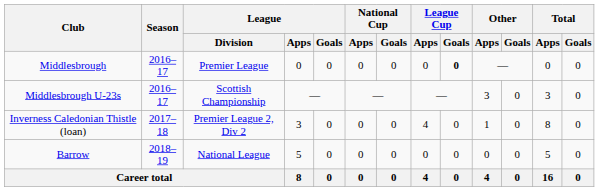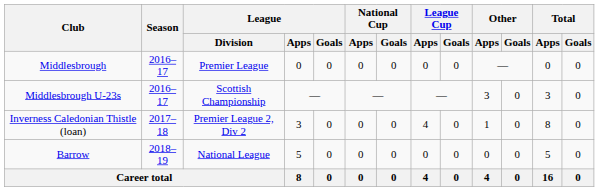 <table class="wikitable" style="text-align:center">
 <tr>
 <th rowspan="2">Club</th>
 <th rowspan="2">Season</th>
 <th colspan="3">League</th>
 <th colspan="2">National Cup</th>
 <th colspan="2"><a href='#'>League Cup</a></th>
 <th colspan="2">Other</th>
 <th colspan="2">Total</th>
 </tr>
 <tr>
 <th>Division</th>
 <th>Apps</th>
 <th>Goals</th>
 <th>Apps</th>
 <th>Goals</th>
 <th>Apps</th>
 <th>Goals</th>
 <th>Apps</th>
 <th>Goals</th>
 <th>Apps</th>
 <th>Goals</th>
 </tr>
 <tr>
 <td><a href='#'>Middlesbrough</a></td>
 <td><a href='#'>2016–17</a></td>
 <td><a href='#'>Premier League</a></td>
 <td>0</td>
 <td>0</td>
 <td>0</td>
 <td>0</td>
 <td>0</td>
-<td><strong>0</strong></td>
+<td>0</td>
 <td colspan="2">—</td>
 <td>0</td>
 <td>0</td>
 </tr>
 <tr>
 <td><a href='#'>Middlesbrough U-23s</a></td>
 <td><a href='#'>2016–17</a></td>
 <td><a href='#'>Scottish Championship</a></td>
 <td colspan="2">—</td>
 <td colspan="2">—</td>
 <td colspan="2">—</td>
 <td>3</td>
 <td>0</td>
 <td>3</td>
 <td>0</td>
 </tr>
 <tr>
 <td><a href='#'>Inverness Caledonian Thistle</a> (loan)</td>
 <td><a href='#'>2017–18</a></td>
 <td><a href='#'>Premier League 2, Div 2</a></td>
 <td>3</td>
 <td>0</td>
 <td>0</td>
 <td>0</td>
 <td>4</td>
 <td>0</td>
 <td>1</td>
 <td>0</td>
 <td>8</td>
 <td>0</td>
 </tr>
 <tr>
 <td><a href='#'>Barrow</a></td>
 <td><a href='#'>2018–19</a></td>
 <td><a href='#'>National League</a></td>
 <td>5</td>
 <td>0</td>
 <td>0</td>
 <td>0</td>
 <td>0</td>
 <td>0</td>
 <td>0</td>
 <td>0</td>
 <td>5</td>
 <td>0</td>
 </tr>
 <tr>
 <th colspan="3">Career total</th>
 <th>8</th>
 <th>0</th>
 <th>0</th>
 <th>0</th>
 <th>4</th>
 <th>0</th>
 <th>4</th>
 <th>0</th>
 <th>16</th>
 <th>0</th>
 </tr>
 </table>
